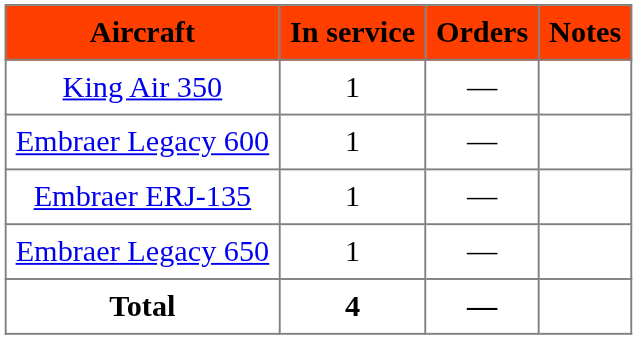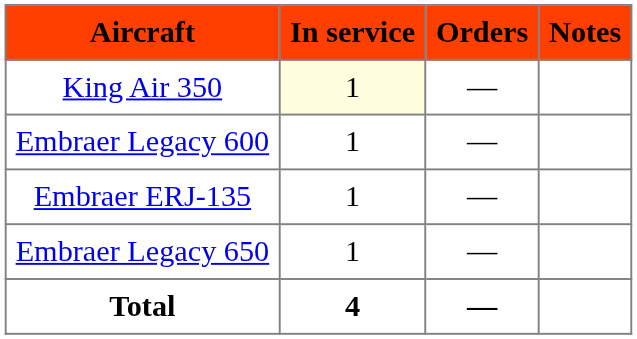 <table class="toccolours" border="1" cellpadding="5" style="margin: 1em auto;border-collapse:collapse;text-align:center;">
 <tr style="background:#FF3F00;">
 <th rowspan="1"><span>Aircraft</span></th>
 <th rowspan="1"><span>In service</span></th>
 <th rowspan="1"><span>Orders</span></th>
 <th rowspan="1"><span>Notes</span></th>
 </tr>
 <tr>
 <td><a href='#'>King Air 350</a></td>
-<td>1</td>
+<td style="background: lightyellow;">1</td>
 <td>—</td>
 <td></td>
 </tr>
 <tr>
 <td><a href='#'>Embraer Legacy 600</a></td>
 <td>1</td>
 <td>—</td>
 <td></td>
 </tr>
 <tr>
 <td><a href='#'>Embraer ERJ-135</a></td>
 <td>1</td>
 <td>—</td>
 <td></td>
 </tr>
 <tr>
 <td><a href='#'>Embraer Legacy 650</a></td>
 <td>1</td>
 <td>—</td>
 <td></td>
 </tr>
 <tr>
 <th>Total</th>
 <th>4</th>
 <th>—</th>
 <th colspan=4></th>
 </tr>
 </table>
